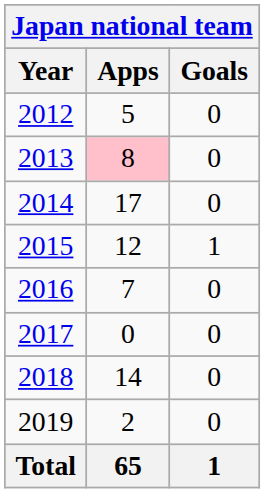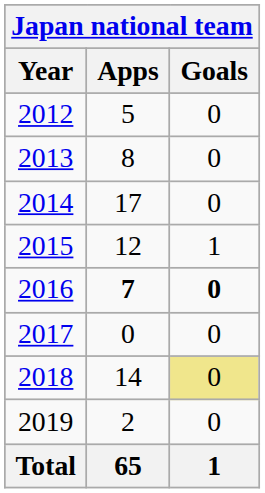 <table class="wikitable" style="text-align:center">
 <tr>
 <th colspan=3><a href='#'>Japan national team</a></th>
 </tr>
 <tr>
 <th>Year</th>
 <th>Apps</th>
 <th>Goals</th>
 </tr>
 <tr>
 <td><a href='#'>2012</a></td>
 <td>5</td>
 <td>0</td>
 </tr>
 <tr>
 <td><a href='#'>2013</a></td>
-<td style="background: pink;">8</td>
+<td>8</td>
 <td>0</td>
 </tr>
 <tr>
 <td><a href='#'>2014</a></td>
 <td>17</td>
 <td>0</td>
 </tr>
 <tr>
 <td><a href='#'>2015</a></td>
 <td>12</td>
 <td>1</td>
 </tr>
 <tr>
 <td><a href='#'>2016</a></td>
-<td>7</td>
-<td>0</td>
+<td><strong>7</strong></td>
+<td><strong>0</strong></td>
 </tr>
 <tr>
 <td><a href='#'>2017</a></td>
 <td>0</td>
 <td>0</td>
 </tr>
 <tr>
 <td><a href='#'>2018</a></td>
 <td>14</td>
-<td>0</td>
+<td style="background: khaki;">0</td>
 </tr>
 <tr>
 <td>2019</td>
 <td>2</td>
 <td>0</td>
 </tr>
 <tr>
 <th>Total</th>
 <th>65</th>
 <th>1</th>
 </tr>
 </table>
